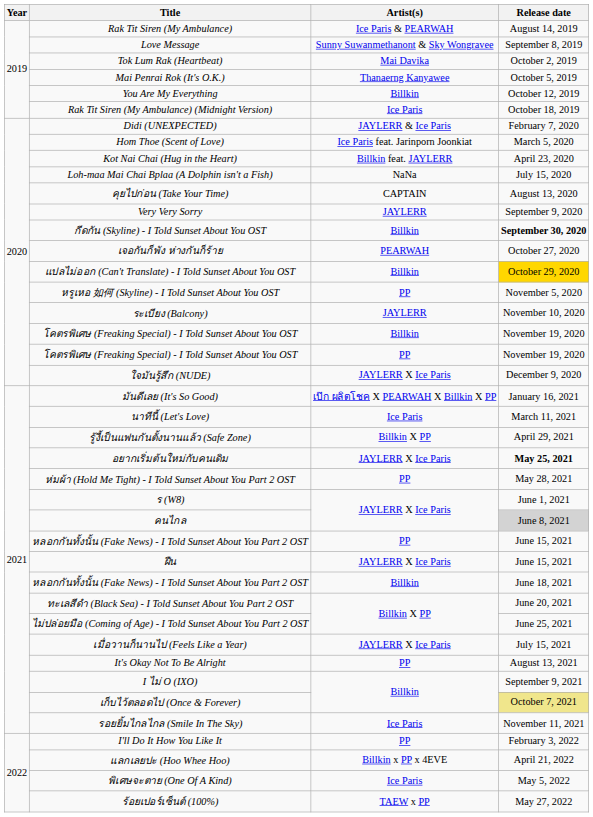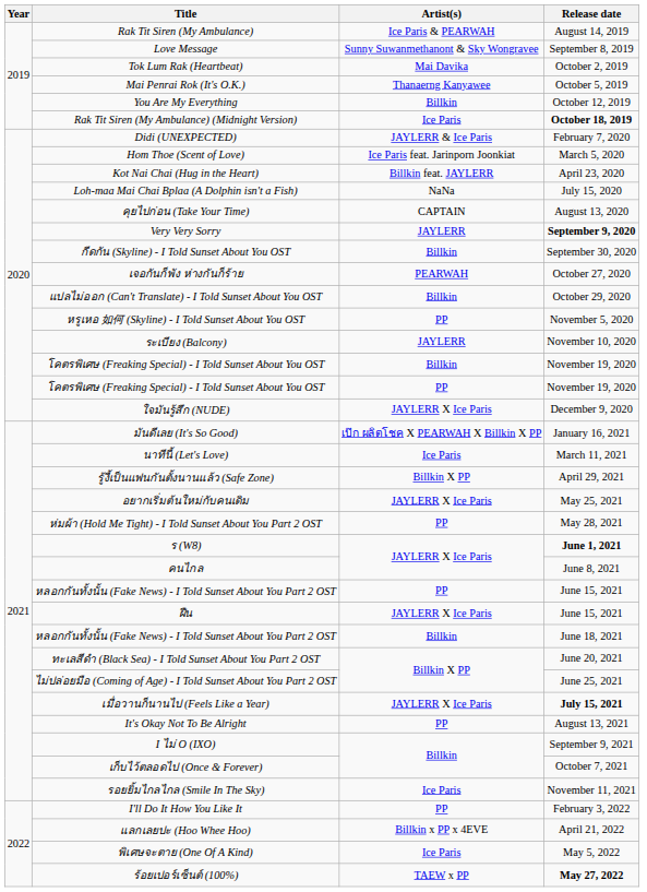 <table class="wikitable plainrowheaders" style="text-align:center;">
 <tr>
 <th>Year</th>
 <th>Title</th>
 <th>Artist(s)</th>
 <th>Release date</th>
 </tr>
 <tr>
 <td rowspan="6">2019</td>
 <td><em>Rak Tit Siren (My Ambulance)</em></td>
 <td><a href='#'>Ice Paris</a> & <a href='#'>PEARWAH</a></td>
 <td>August 14, 2019</td>
 </tr>
 <tr>
 <td><em>Love Message</em></td>
 <td><a href='#'>Sunny Suwanmethanont</a> & <a href='#'>Sky Wongravee</a></td>
 <td>September 8, 2019</td>
 </tr>
 <tr>
 <td><em>Tok Lum Rak (Heartbeat)</em></td>
 <td><a href='#'>Mai Davika</a></td>
 <td>October 2, 2019</td>
 </tr>
 <tr>
 <td><em>Mai Penrai Rok (It's O.K.)</em></td>
 <td><a href='#'>Thanaerng Kanyawee</a></td>
 <td>October 5, 2019</td>
 </tr>
 <tr>
 <td><em>You Are My Everything</em></td>
 <td><a href='#'>Billkin</a></td>
 <td>October 12, 2019</td>
 </tr>
 <tr>
 <td><em>Rak Tit Siren (My Ambulance) (Midnight Version)</em></td>
 <td><a href='#'>Ice Paris</a></td>
-<td>October 18, 2019</td>
+<td><strong>October 18, 2019</strong></td>
 </tr>
 <tr>
 <td rowspan="14">2020</td>
 <td><em>Didi (UNEXPECTED)</em></td>
 <td><a href='#'>JAYLERR</a> & <a href='#'>Ice Paris</a></td>
 <td>February 7, 2020</td>
 </tr>
 <tr>
 <td><em>Hom Thoe (Scent of Love)</em></td>
 <td><a href='#'>Ice Paris</a> feat. Jarinporn Joonkiat</td>
 <td>March 5, 2020</td>
 </tr>
 <tr>
 <td><em>Kot Nai Chai (Hug in the Heart)</em></td>
 <td><a href='#'>Billkin</a> feat. <a href='#'>JAYLERR</a></td>
 <td>April 23, 2020</td>
 </tr>
 <tr>
 <td><em>Loh-maa Mai Chai Bplaa (A Dolphin isn't a Fish)</em></td>
 <td>NaNa</td>
 <td>July 15, 2020</td>
 </tr>
 <tr>
 <td><em>คุยไปก่อน (Take Your Time)</em></td>
 <td>CAPTAIN</td>
 <td>August 13, 2020</td>
 </tr>
 <tr>
 <td><em>Very Very Sorry</em></td>
 <td><a href='#'>JAYLERR</a></td>
-<td>September 9, 2020</td>
+<td><strong>September 9, 2020</strong></td>
 </tr>
 <tr>
 <td><em>กีดกัน (Skyline) - I Told Sunset About You OST</em></td>
 <td><a href='#'>Billkin</a></td>
-<td><strong>September 30, 2020</strong></td>
+<td>September 30, 2020</td>
 </tr>
 <tr>
 <td><em>เจอกันก็พัง ห่างกันก็ร้าย</em></td>
 <td><a href='#'>PEARWAH</a></td>
 <td>October 27, 2020</td>
 </tr>
 <tr>
 <td><em>แปลไม่ออก (Can't Translate) - I Told Sunset About You OST</em></td>
 <td><a href='#'>Billkin</a></td>
-<td style="background: gold;">October 29, 2020</td>
+<td>October 29, 2020</td>
 </tr>
 <tr>
 <td><em>หรูเหอ 如何 (Skyline) - I Told Sunset About You OST</em></td>
 <td><a href='#'>PP</a></td>
 <td>November 5, 2020</td>
 </tr>
 <tr>
 <td><em>ระเบียง (Balcony)</em></td>
 <td><a href='#'>JAYLERR</a></td>
 <td>November 10, 2020</td>
 </tr>
 <tr>
 <td><em>โคตรพิเศษ (Freaking Special) - I Told Sunset About You OST</em></td>
 <td><a href='#'>Billkin</a></td>
 <td>November 19, 2020</td>
 </tr>
 <tr>
 <td><em>โคตรพิเศษ (Freaking Special) - I Told Sunset About You OST</em></td>
 <td><a href='#'>PP</a></td>
 <td>November 19, 2020</td>
 </tr>
 <tr>
 <td><em>ใจมันรู้สึก (NUDE)</em></td>
 <td><a href='#'>JAYLERR</a> X <a href='#'>Ice Paris</a></td>
 <td>December 9, 2020</td>
 </tr>
 <tr>
 <td rowspan="17">2021</td>
 <td><em>มันดีเลย (It's So Good)</em></td>
 <td><a href='#'>เป๊ก ผลิตโชค</a> X <a href='#'>PEARWAH</a> X <a href='#'>Billkin</a> X <a href='#'>PP</a></td>
 <td>January 16, 2021</td>
 </tr>
 <tr>
 <td><em>นาทีนี้ (Let's Love)</em></td>
 <td><a href='#'>Ice Paris</a></td>
 <td>March 11, 2021</td>
 </tr>
 <tr>
 <td><em>รู้งี้เป็นแฟนกันตั้งนานแล้ว (Safe Zone)</em></td>
 <td><a href='#'>Billkin</a> X <a href='#'>PP</a></td>
 <td>April 29, 2021</td>
 </tr>
 <tr>
 <td><em>อยากเริ่มต้นใหม่กับคนเดิม</em></td>
 <td><a href='#'>JAYLERR</a> X <a href='#'>Ice Paris</a></td>
-<td><strong>May 25, 2021</strong></td>
+<td>May 25, 2021</td>
 </tr>
 <tr>
 <td><em>ห่มผ้า (Hold Me Tight) - I Told Sunset About You Part 2 OST</em></td>
 <td><a href='#'>PP</a></td>
 <td>May 28, 2021</td>
 </tr>
 <tr>
 <td><em>ร (W8)</em></td>
 <td rowspan="2"><a href='#'>JAYLERR</a> X <a href='#'>Ice Paris</a></td>
-<td>June 1, 2021</td>
+<td><strong>June 1, 2021</strong></td>
 </tr>
 <tr>
 <td><em>คนไกล</em></td>
-<td style="background: lightgrey;">June 8, 2021</td>
+<td>June 8, 2021</td>
 </tr>
 <tr>
 <td><em>หลอกกันทั้งนั้น (Fake News) - I Told Sunset About You Part 2 OST</em></td>
 <td><a href='#'>PP</a></td>
 <td>June 15, 2021</td>
 </tr>
 <tr>
 <td><em>ฝืน</em></td>
 <td><a href='#'>JAYLERR</a> X <a href='#'>Ice Paris</a></td>
 <td>June 15, 2021</td>
 </tr>
 <tr>
 <td><em>หลอกกันทั้งนั้น (Fake News) - I Told Sunset About You Part 2 OST</em></td>
 <td><a href='#'>Billkin</a></td>
 <td>June 18, 2021</td>
 </tr>
 <tr>
 <td><em>ทะเลสีดำ (Black Sea) - I Told Sunset About You Part 2 OST</em></td>
 <td rowspan="2"><a href='#'>Billkin</a> X <a href='#'>PP</a></td>
 <td>June 20, 2021</td>
 </tr>
 <tr>
 <td><em>ไม่ปล่อยมือ (Coming of Age) - I Told Sunset About You Part 2 OST</em></td>
 <td>June 25, 2021</td>
 </tr>
 <tr>
 <td><em>เมื่อวานก็นานไป (Feels Like a Year)</em></td>
 <td><a href='#'>JAYLERR</a> X <a href='#'>Ice Paris</a></td>
-<td>July 15, 2021</td>
+<td><strong>July 15, 2021</strong></td>
 </tr>
 <tr>
 <td><em>It's Okay Not To Be Alright</em></td>
 <td><a href='#'>PP</a></td>
 <td>August 13, 2021</td>
 </tr>
 <tr>
 <td><em>I ไม่ O (IXO)</em></td>
 <td rowspan="2"><a href='#'>Billkin</a></td>
 <td>September 9, 2021</td>
 </tr>
 <tr>
 <td><em>เก็บไว้ตลอดไป (Once & Forever)</em></td>
-<td style="background: khaki;">October 7, 2021</td>
+<td>October 7, 2021</td>
 </tr>
 <tr>
 <td><em>รอยยิ้มไกลไกล (Smile In The Sky)</em></td>
 <td><a href='#'>Ice Paris</a></td>
 <td>November 11, 2021</td>
 </tr>
 <tr>
 <td rowspan="4">2022</td>
 <td><em>I'll Do It How You Like It</em></td>
 <td><a href='#'>PP</a></td>
 <td>February 3, 2022</td>
 </tr>
 <tr>
 <td><em>แลกเลยปะ (Hoo Whee Hoo)</em></td>
 <td><a href='#'>Billkin</a> x <a href='#'>PP</a> x 4EVE</td>
 <td>April 21, 2022</td>
 </tr>
 <tr>
 <td><em>พิเศษจะตาย (One Of A Kind)</em></td>
 <td><a href='#'>Ice Paris</a></td>
 <td>May 5, 2022</td>
 </tr>
 <tr>
 <td><em>ร้อยเปอร์เซ็นต์ (100%)</em></td>
 <td><a href='#'>TAEW</a> x <a href='#'>PP</a></td>
-<td>May 27, 2022</td>
+<td><strong>May 27, 2022</strong></td>
 </tr>
 </table>
